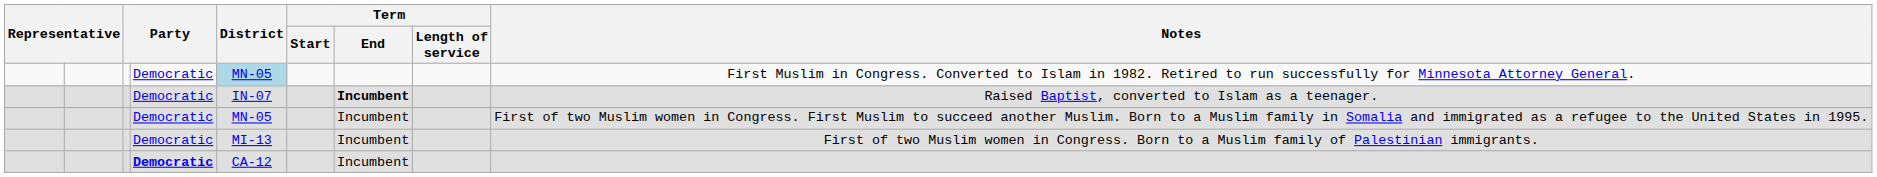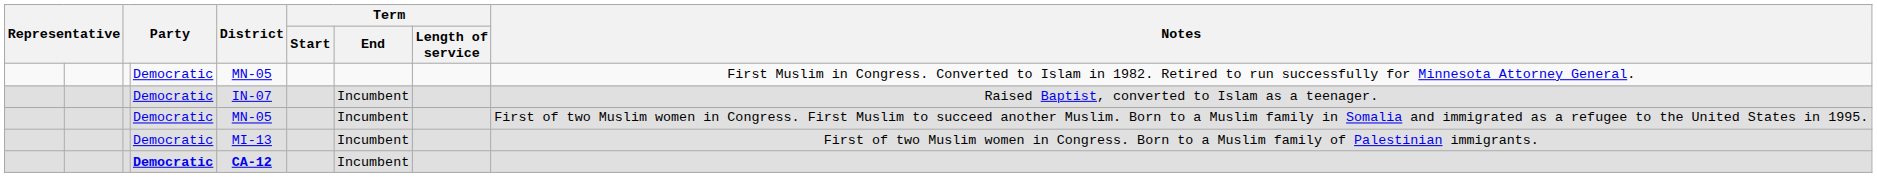 <table class="wikitable sortable" style="text-align:center">
 <tr>
 <th rowspan=2 colspan=2>Representative</th>
 <th rowspan=2 colspan=2>Party</th>
 <th rowspan=2>District</th>
 <th colspan=3>Term</th>
 <th rowspan=2>Notes</th>
 </tr>
 <tr>
 <th>Start</th>
 <th>End</th>
 <th>Length of<br>service</th>
 </tr>
 <tr>
 <td data-sort-value="Ellison, Keith"></td>
 <td><strong></strong></td>
 <td style="background-color:"></td>
 <td><a href='#'>Democratic</a></td>
-<td style="background: lightblue;"><a href='#'>MN-05</a></td>
+<td><a href='#'>MN-05</a></td>
 <td></td>
 <td></td>
 <td></td>
 <td>First Muslim in Congress. Converted to Islam in 1982. Retired to run successfully for <a href='#'>Minnesota Attorney General</a>.</td>
 </tr>
 <tr style="background:#e0e0e0">
 <td data-sort-value="Carson, André"></td>
 <td><strong></strong></td>
 <td style="background-color:"></td>
 <td><a href='#'>Democratic</a></td>
 <td><a href='#'>IN-07</a></td>
 <td></td>
-<td><strong>Incumbent</strong></td>
+<td>Incumbent</td>
 <td></td>
 <td>Raised <a href='#'>Baptist</a>, converted to Islam as a teenager.</td>
 </tr>
 <tr style="background:#e0e0e0">
 <td data-sort-value="Omar, Ilhan"></td>
 <td><strong></strong></td>
 <td style="background-color:"></td>
 <td><a href='#'>Democratic</a></td>
 <td><a href='#'>MN-05</a></td>
 <td></td>
 <td>Incumbent</td>
 <td></td>
 <td>First of two Muslim women in Congress. First Muslim to succeed another Muslim. Born to a Muslim family in <a href='#'>Somalia</a> and immigrated as a refugee to the United States in 1995.</td>
 </tr>
 <tr style="background:#e0e0e0">
 <td data-sort-value="Tlaib, Rashida"></td>
 <td><strong></strong></td>
 <td style="background-color:"></td>
 <td><a href='#'>Democratic</a></td>
 <td><a href='#'>MI-13</a></td>
 <td></td>
 <td>Incumbent</td>
 <td></td>
 <td>First of two Muslim women in Congress. Born to a Muslim family of <a href='#'>Palestinian</a> immigrants.</td>
 </tr>
 <tr style="background:#e0e0e0">
 <td data-sort-value="Simon, Lateefah"></td>
 <td><strong></strong></td>
 <td style="background-color:"></td>
 <td><strong><a href='#'>Democratic</a></strong></td>
-<td><a href='#'>CA-12</a></td>
+<td><strong><a href='#'>CA-12</a></strong></td>
 <td></td>
 <td>Incumbent</td>
 <td></td>
 <td></td>
 </tr>
 </table>
